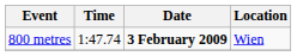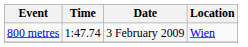 <table class="wikitable" |>
 <tr>
 <th>Event</th>
 <th>Time</th>
 <th>Date</th>
 <th>Location</th>
 </tr>
 <tr>
 <td><a href='#'>800 metres</a></td>
 <td align=right>1:47.74</td>
-<td align=right><strong>3 February 2009</strong></td>
+<td align=right>3 February 2009</td>
 <td><a href='#'>Wien</a></td>
 </tr>
 <tr>
 </tr>
 </table>
